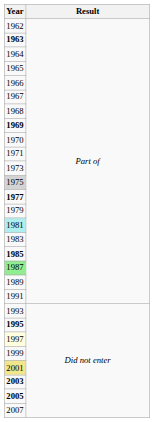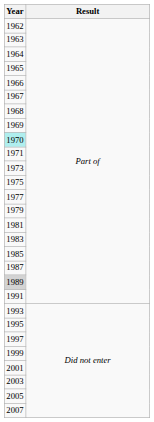 <table class="wikitable" style="text-align: center; font-size:90%">
 <tr>
 <th>Year</th>
 <th style="width:200px">Result</th>
 </tr>
 <tr>
 <td> 1962</td>
 <td rowspan="20"><em>Part of </em></td>
 </tr>
 <tr>
-<td><strong> 1963</strong></td>
+<td> 1963</td>
 </tr>
 <tr>
 <td> 1964</td>
 </tr>
 <tr>
 <td> 1965</td>
 </tr>
 <tr>
 <td> 1966</td>
 </tr>
 <tr>
 <td> 1967</td>
 </tr>
 <tr>
 <td> 1968</td>
 </tr>
 <tr>
-<td><strong> 1969</strong></td>
+<td> 1969</td>
 </tr>
 <tr>
-<td> 1970</td>
+<td style="background: paleturquoise;"> 1970</td>
 </tr>
 <tr>
 <td> 1971</td>
 </tr>
 <tr>
 <td> 1973</td>
 </tr>
 <tr>
-<td style="background: lightgrey;"> 1975</td>
+<td> 1975</td>
 </tr>
 <tr>
-<td><strong> 1977</strong></td>
+<td> 1977</td>
 </tr>
 <tr>
 <td> 1979</td>
 </tr>
 <tr>
-<td style="background: paleturquoise;"> 1981</td>
+<td> 1981</td>
 </tr>
 <tr>
 <td> 1983</td>
 </tr>
 <tr>
-<td><strong> 1985</strong></td>
+<td> 1985</td>
 </tr>
 <tr>
-<td style="background: lightgreen;"> 1987</td>
+<td> 1987</td>
 </tr>
 <tr>
-<td> 1989</td>
+<td style="background: lightgrey;"> 1989</td>
 </tr>
 <tr>
 <td> 1991</td>
 </tr>
 <tr>
 <td> 1993</td>
 <td rowspan="8"><em>Did not enter</em></td>
 </tr>
 <tr>
-<td><strong> 1995</strong></td>
+<td> 1995</td>
 </tr>
 <tr>
-<td style="background: lightyellow;"> 1997</td>
+<td> 1997</td>
 </tr>
 <tr>
 <td> 1999</td>
 </tr>
 <tr>
-<td style="background: khaki;"> 2001</td>
+<td> 2001</td>
 </tr>
 <tr>
-<td><strong> 2003</strong></td>
+<td> 2003</td>
 </tr>
 <tr>
-<td><strong> 2005</strong></td>
+<td> 2005</td>
 </tr>
 <tr>
 <td> 2007</td>
 </tr>
 </table>
